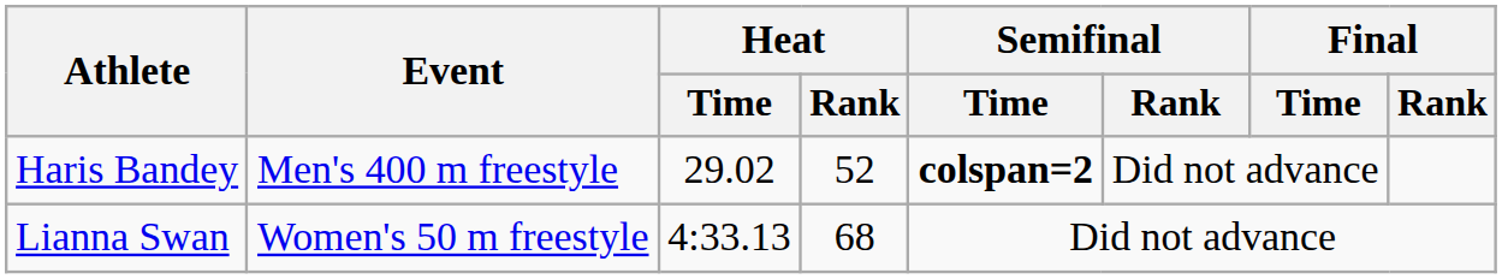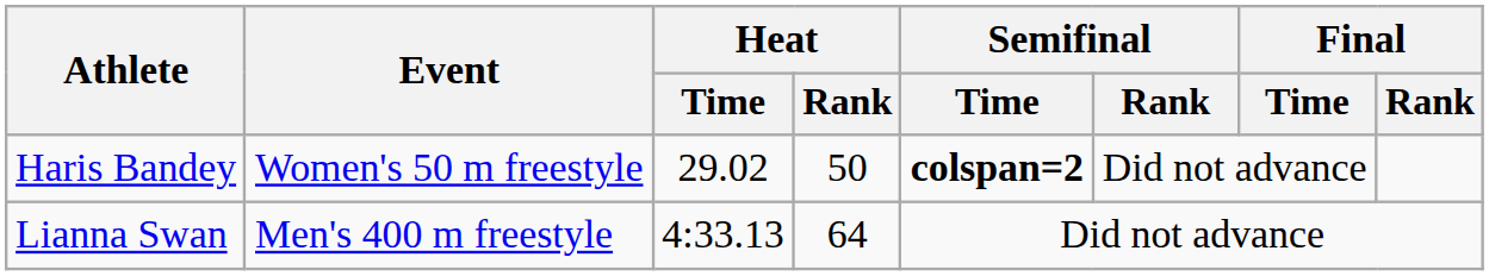 <table class=wikitable style="font-size:90%">
 <tr>
 <th rowspan="2">Athlete</th>
 <th rowspan="2">Event</th>
 <th colspan="2">Heat</th>
 <th colspan="2">Semifinal</th>
 <th colspan="2">Final</th>
 </tr>
 <tr style="font-size:95%">
 <th>Time</th>
 <th>Rank</th>
 <th>Time</th>
 <th>Rank</th>
 <th>Time</th>
 <th>Rank</th>
 </tr>
 <tr align=center>
 <td align=left><a href='#'>Haris Bandey</a></td>
-<td align=left><a href='#'>Men's 400 m freestyle</a></td>
+<td align=left><a href='#'>Women's 50 m freestyle</a></td>
 <td>29.02</td>
-<td>52</td>
+<td>50</td>
 <td><strong>colspan=2 </strong></td>
 <td colspan=2>Did not advance</td>
 </tr>
 <tr align=center>
 <td align=left><a href='#'>Lianna Swan</a></td>
-<td align=left><a href='#'>Women's 50 m freestyle</a></td>
+<td align=left><a href='#'>Men's 400 m freestyle</a></td>
 <td>4:33.13</td>
-<td>68</td>
+<td>64</td>
 <td colspan=4>Did not advance</td>
 </tr>
 </table>
